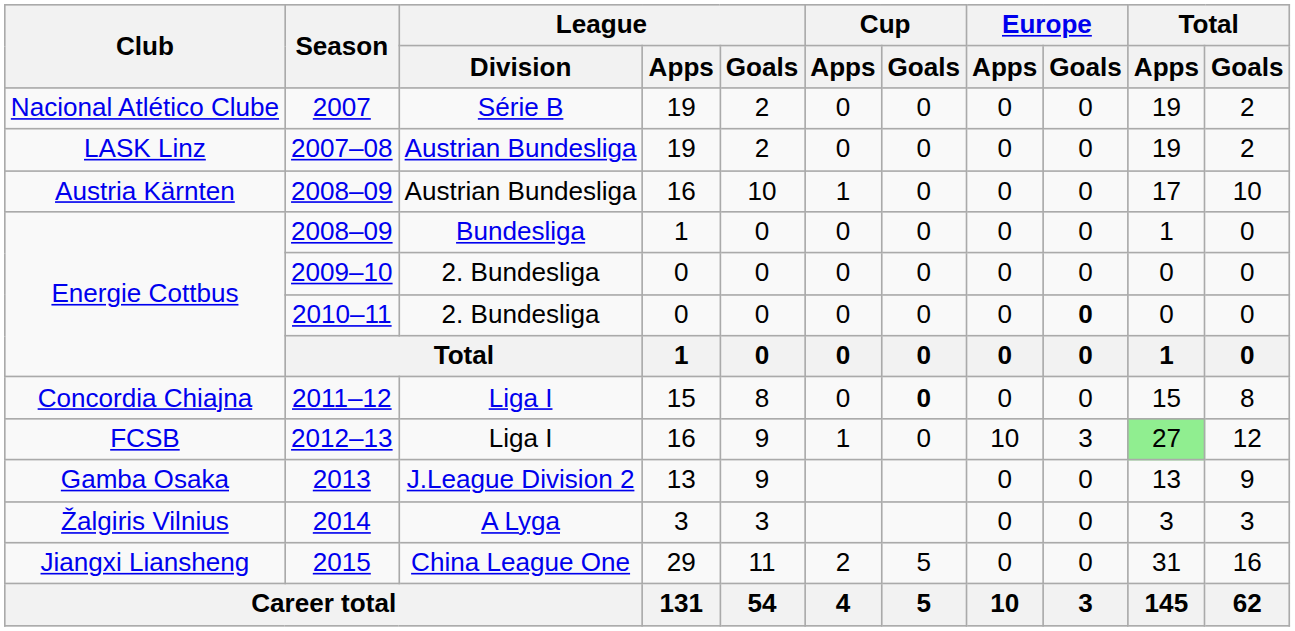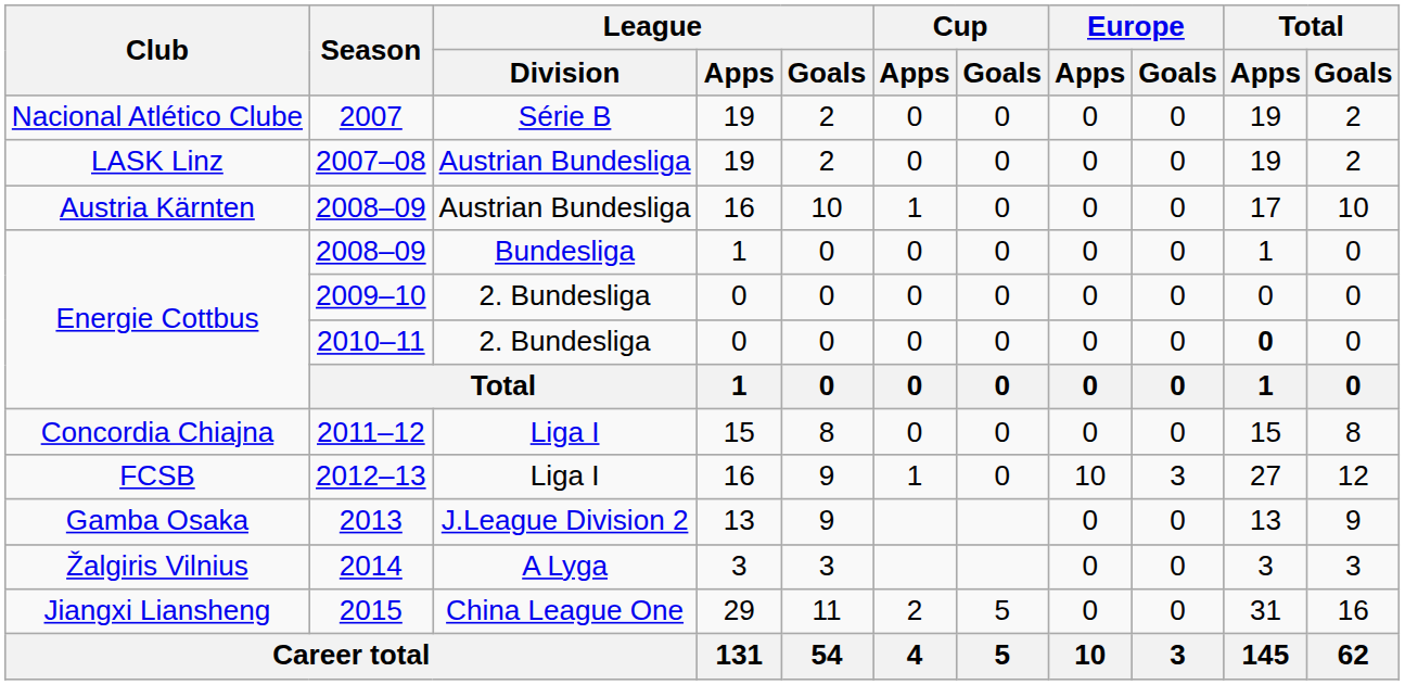 <table class="wikitable" style="text-align:center">
 <tr>
 <th rowspan="2">Club</th>
 <th rowspan="2">Season</th>
 <th colspan="3">League</th>
 <th colspan="2">Cup</th>
 <th colspan="2"><a href='#'>Europe</a></th>
 <th colspan="2">Total</th>
 </tr>
 <tr>
 <th>Division</th>
 <th>Apps</th>
 <th>Goals</th>
 <th>Apps</th>
 <th>Goals</th>
 <th>Apps</th>
 <th>Goals</th>
 <th>Apps</th>
 <th>Goals</th>
 </tr>
 <tr>
 <td><a href='#'>Nacional Atlético Clube</a></td>
 <td><a href='#'>2007</a></td>
 <td><a href='#'>Série B</a></td>
 <td>19</td>
 <td>2</td>
 <td>0</td>
 <td>0</td>
 <td>0</td>
 <td>0</td>
 <td>19</td>
 <td>2</td>
 </tr>
 <tr>
 <td><a href='#'>LASK Linz</a></td>
 <td><a href='#'>2007–08</a></td>
 <td><a href='#'>Austrian Bundesliga</a></td>
 <td>19</td>
 <td>2</td>
 <td>0</td>
 <td>0</td>
 <td>0</td>
 <td>0</td>
 <td>19</td>
 <td>2</td>
 </tr>
 <tr>
 <td><a href='#'>Austria Kärnten</a></td>
 <td><a href='#'>2008–09</a></td>
 <td>Austrian Bundesliga</td>
 <td>16</td>
 <td>10</td>
 <td>1</td>
 <td>0</td>
 <td>0</td>
 <td>0</td>
 <td>17</td>
 <td>10</td>
 </tr>
 <tr>
 <td rowspan="4"><a href='#'>Energie Cottbus</a></td>
 <td><a href='#'>2008–09</a></td>
 <td><a href='#'>Bundesliga</a></td>
 <td>1</td>
 <td>0</td>
 <td>0</td>
 <td>0</td>
 <td>0</td>
 <td>0</td>
 <td>1</td>
 <td>0</td>
 </tr>
 <tr>
 <td><a href='#'>2009–10</a></td>
 <td>2. Bundesliga</td>
 <td>0</td>
 <td>0</td>
 <td>0</td>
 <td>0</td>
 <td>0</td>
 <td>0</td>
 <td>0</td>
 <td>0</td>
 </tr>
 <tr>
 <td><a href='#'>2010–11</a></td>
 <td>2. Bundesliga</td>
 <td>0</td>
 <td>0</td>
 <td>0</td>
 <td>0</td>
 <td>0</td>
+<td>0</td>
 <td><strong>0</strong></td>
-<td>0</td>
 <td>0</td>
 </tr>
 <tr>
 <th colspan="2">Total</th>
 <th>1</th>
 <th>0</th>
 <th>0</th>
 <th>0</th>
 <th>0</th>
 <th>0</th>
 <th>1</th>
 <th>0</th>
 </tr>
 <tr>
 <td><a href='#'>Concordia Chiajna</a></td>
 <td><a href='#'>2011–12</a></td>
 <td><a href='#'>Liga I</a></td>
 <td>15</td>
 <td>8</td>
 <td>0</td>
-<td><strong>0</strong></td>
+<td>0</td>
 <td>0</td>
 <td>0</td>
 <td>15</td>
 <td>8</td>
 </tr>
 <tr>
 <td><a href='#'>FCSB</a></td>
 <td><a href='#'>2012–13</a></td>
 <td>Liga I</td>
 <td>16</td>
 <td>9</td>
 <td>1</td>
 <td>0</td>
 <td>10</td>
 <td>3</td>
-<td style="background: lightgreen;">27</td>
+<td>27</td>
 <td>12</td>
 </tr>
 <tr>
 <td><a href='#'>Gamba Osaka</a></td>
 <td><a href='#'>2013</a></td>
 <td><a href='#'>J.League Division 2</a></td>
 <td>13</td>
 <td>9</td>
 <td></td>
 <td></td>
 <td>0</td>
 <td>0</td>
 <td>13</td>
 <td>9</td>
 </tr>
 <tr>
 <td><a href='#'>Žalgiris Vilnius</a></td>
 <td><a href='#'>2014</a></td>
 <td><a href='#'>A Lyga</a></td>
 <td>3</td>
 <td>3</td>
 <td></td>
 <td></td>
 <td>0</td>
 <td>0</td>
 <td>3</td>
 <td>3</td>
 </tr>
 <tr>
 <td><a href='#'>Jiangxi Liansheng</a></td>
 <td><a href='#'>2015</a></td>
 <td><a href='#'>China League One</a></td>
 <td>29</td>
 <td>11</td>
 <td>2</td>
 <td>5</td>
 <td>0</td>
 <td>0</td>
 <td>31</td>
 <td>16</td>
 </tr>
 <tr>
 <th colspan="3">Career total</th>
 <th>131</th>
 <th>54</th>
 <th>4</th>
 <th>5</th>
 <th>10</th>
 <th>3</th>
 <th>145</th>
 <th>62</th>
 </tr>
 </table>
